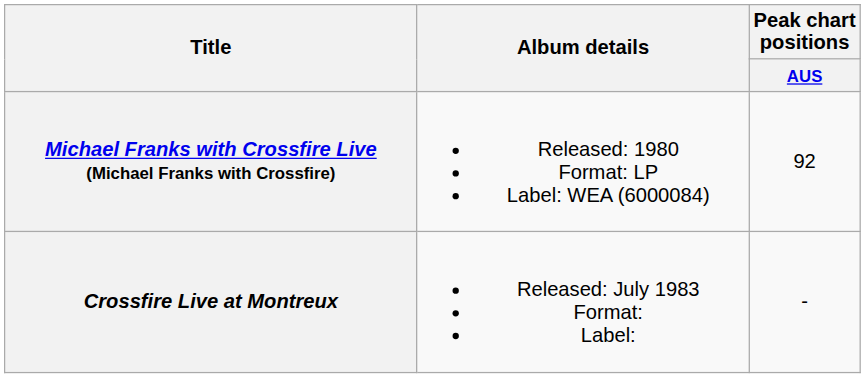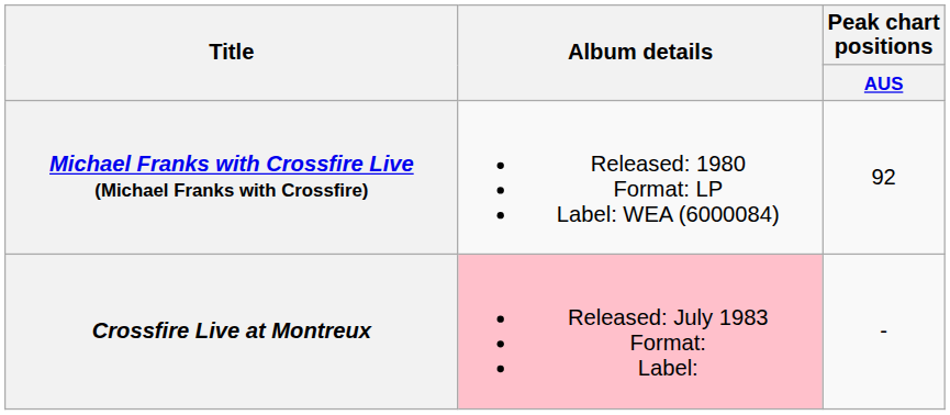 <table class="wikitable plainrowheaders" style="text-align:center;" border="1">
 <tr>
 <th scope="col" rowspan="2" style="width:20em;">Title</th>
 <th scope="col" rowspan="2" style="width:16em;">Album details</th>
 <th scope="col" colspan="1">Peak chart<br>positions</th>
 </tr>
 <tr>
 <th scope="col" style="text-align:center;"><small><a href='#'>AUS</a></small><br></th>
 </tr>
 <tr>
 <th scope="row"><em><a href='#'>Michael Franks with Crossfire Live</a></em> <br><small>(Michael Franks with Crossfire)</small></th>
 <td><br><ul><li>Released: 1980</li><li>Format: LP</li><li>Label: WEA (6000084)</li></ul></td>
 <td align="center">92</td>
 </tr>
 <tr>
 <th scope="row"><em>Crossfire Live at Montreux</em></th>
-<td><br><ul><li>Released: July 1983</li><li>Format:</li><li>Label:</li></ul></td>
+<td style="background: pink;"><br><ul><li>Released: July 1983</li><li>Format:</li><li>Label:</li></ul></td>
 <td align="center">-</td>
 </tr>
 </table>
